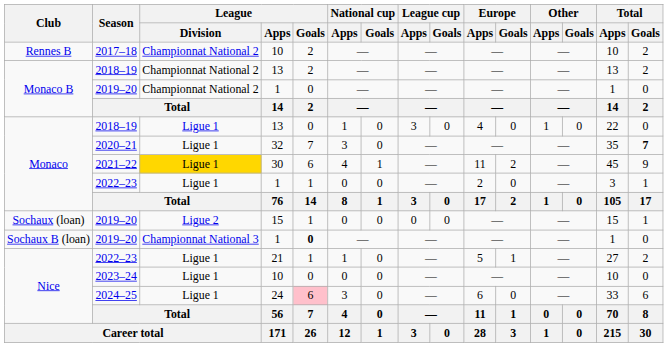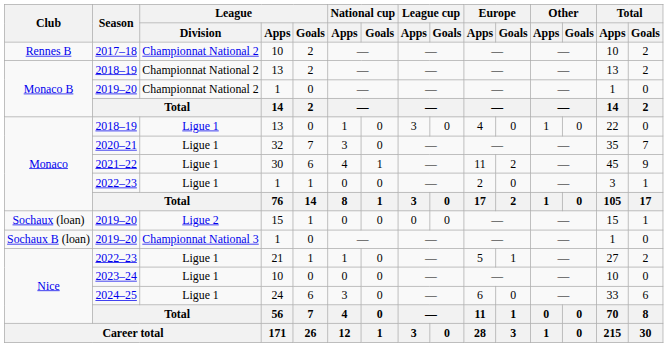 <table class="wikitable" style="text-align:center">
 <tr>
 <th rowspan="2">Club</th>
 <th rowspan="2">Season</th>
 <th colspan="3">League</th>
 <th colspan="2">National cup</th>
 <th colspan="2">League cup</th>
 <th colspan="2">Europe</th>
 <th colspan="2">Other</th>
 <th colspan="2">Total</th>
 </tr>
 <tr>
 <th>Division</th>
 <th>Apps</th>
 <th>Goals</th>
 <th>Apps</th>
 <th>Goals</th>
 <th>Apps</th>
 <th>Goals</th>
 <th>Apps</th>
 <th>Goals</th>
 <th>Apps</th>
 <th>Goals</th>
 <th>Apps</th>
 <th>Goals</th>
 </tr>
 <tr>
 <td><a href='#'>Rennes B</a></td>
 <td><a href='#'>2017–18</a></td>
 <td><a href='#'>Championnat National 2</a></td>
 <td>10</td>
 <td>2</td>
 <td colspan="2">—</td>
 <td colspan="2">—</td>
 <td colspan="2">—</td>
 <td colspan="2">—</td>
 <td>10</td>
 <td>2</td>
 </tr>
 <tr>
 <td rowspan="3"><a href='#'>Monaco B</a></td>
 <td><a href='#'>2018–19</a></td>
 <td>Championnat National 2</td>
 <td>13</td>
 <td>2</td>
 <td colspan="2">—</td>
 <td colspan="2">—</td>
 <td colspan="2">—</td>
 <td colspan="2">—</td>
 <td>13</td>
 <td>2</td>
 </tr>
 <tr>
 <td><a href='#'>2019–20</a></td>
 <td>Championnat National 2</td>
 <td>1</td>
 <td>0</td>
 <td colspan="2">—</td>
 <td colspan="2">—</td>
 <td colspan="2">—</td>
 <td colspan="2">—</td>
 <td>1</td>
 <td>0</td>
 </tr>
 <tr>
 <th colspan="2">Total</th>
 <th>14</th>
 <th>2</th>
 <th colspan="2">—</th>
 <th colspan="2">—</th>
 <th colspan="2">—</th>
 <th colspan="2">—</th>
 <th>14</th>
 <th>2</th>
 </tr>
 <tr>
 <td rowspan="5"><a href='#'>Monaco</a></td>
 <td><a href='#'>2018–19</a></td>
 <td><a href='#'>Ligue 1</a></td>
 <td>13</td>
 <td>0</td>
 <td>1</td>
 <td>0</td>
 <td>3</td>
 <td>0</td>
 <td>4</td>
 <td>0</td>
 <td>1</td>
 <td>0</td>
 <td>22</td>
 <td>0</td>
 </tr>
 <tr>
 <td><a href='#'>2020–21</a></td>
 <td>Ligue 1</td>
 <td>32</td>
 <td>7</td>
 <td>3</td>
 <td>0</td>
 <td colspan="2">—</td>
 <td colspan="2">—</td>
 <td colspan="2">—</td>
 <td>35</td>
-<td><strong>7</strong></td>
+<td>7</td>
 </tr>
 <tr>
 <td><a href='#'>2021–22</a></td>
-<td style="background: gold;">Ligue 1</td>
+<td>Ligue 1</td>
 <td>30</td>
 <td>6</td>
 <td>4</td>
 <td>1</td>
 <td colspan="2">—</td>
 <td>11</td>
 <td>2</td>
 <td colspan="2">—</td>
 <td>45</td>
 <td>9</td>
 </tr>
 <tr>
 <td><a href='#'>2022–23</a></td>
 <td>Ligue 1</td>
 <td>1</td>
 <td>1</td>
 <td>0</td>
 <td>0</td>
 <td colspan="2">—</td>
 <td>2</td>
 <td>0</td>
 <td colspan="2">—</td>
 <td>3</td>
 <td>1</td>
 </tr>
 <tr>
 <th colspan="2">Total</th>
 <th>76</th>
 <th>14</th>
 <th>8</th>
 <th>1</th>
 <th>3</th>
 <th>0</th>
 <th>17</th>
 <th>2</th>
 <th>1</th>
 <th>0</th>
 <th>105</th>
 <th>17</th>
 </tr>
 <tr>
 <td><a href='#'>Sochaux</a> (loan)</td>
 <td><a href='#'>2019–20</a></td>
 <td><a href='#'>Ligue 2</a></td>
 <td>15</td>
 <td>1</td>
 <td>0</td>
 <td>0</td>
 <td>0</td>
 <td>0</td>
 <td colspan="2">—</td>
 <td colspan="2">—</td>
 <td>15</td>
 <td>1</td>
 </tr>
 <tr>
 <td><a href='#'>Sochaux B</a> (loan)</td>
 <td><a href='#'>2019–20</a></td>
 <td><a href='#'>Championnat National 3</a></td>
 <td>1</td>
-<td><strong>0</strong></td>
+<td>0</td>
 <td colspan="2">—</td>
 <td colspan="2">—</td>
 <td colspan="2">—</td>
 <td colspan="2">—</td>
 <td>1</td>
 <td>0</td>
 </tr>
 <tr>
 <td rowspan="4"><a href='#'>Nice</a></td>
 <td><a href='#'>2022–23</a></td>
 <td>Ligue 1</td>
 <td>21</td>
 <td>1</td>
 <td>1</td>
 <td>0</td>
 <td colspan="2">—</td>
 <td>5</td>
 <td>1</td>
 <td colspan="2">—</td>
 <td>27</td>
 <td>2</td>
 </tr>
 <tr>
 <td><a href='#'>2023–24</a></td>
 <td>Ligue 1</td>
 <td>10</td>
 <td>0</td>
 <td>0</td>
 <td>0</td>
 <td colspan="2">—</td>
 <td colspan="2">—</td>
 <td colspan="2">—</td>
 <td>10</td>
 <td>0</td>
 </tr>
 <tr>
 <td><a href='#'>2024–25</a></td>
 <td>Ligue 1</td>
 <td>24</td>
-<td style="background: pink;">6</td>
+<td>6</td>
 <td>3</td>
 <td>0</td>
 <td colspan="2">—</td>
 <td>6</td>
 <td>0</td>
 <td colspan="2">—</td>
 <td>33</td>
 <td>6</td>
 </tr>
 <tr>
 <th colspan="2">Total</th>
 <th>56</th>
 <th>7</th>
 <th>4</th>
 <th>0</th>
 <th colspan="2">—</th>
 <th>11</th>
 <th>1</th>
 <th>0</th>
 <th>0</th>
 <th>70</th>
 <th>8</th>
 </tr>
 <tr>
 <th colspan="3">Career total</th>
 <th>171</th>
 <th>26</th>
 <th>12</th>
 <th>1</th>
 <th>3</th>
 <th>0</th>
 <th>28</th>
 <th>3</th>
 <th>1</th>
 <th>0</th>
 <th>215</th>
 <th>30</th>
 </tr>
 </table>
